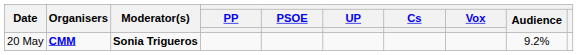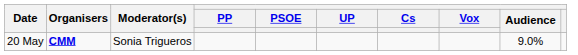 <table class="wikitable" style="text-align:center;">
 <tr>
 <th rowspan="3">Date</th>
 <th rowspan="3">Organisers</th>
 <th rowspan="3">Moderator(s)</th>
 <th colspan="8">  </th>
 </tr>
 <tr>
 <th scope="col" style="width:5em;"><a href='#'>PP</a></th>
 <th scope="col" style="width:5em;"><a href='#'>PSOE</a></th>
 <th scope="col" style="width:5em;"><a href='#'>UP</a></th>
 <th scope="col" style="width:5em;"><a href='#'>Cs</a></th>
 <th scope="col" style="width:5em;"><a href='#'>Vox</a></th>
 <th rowspan="2" scope="col" style="width:5em;">Audience</th>
 <th rowspan="2"></th>
 </tr>
 <tr>
 <th style="color:inherit;background:"></th>
 <th style="color:inherit;background:"></th>
 <th style="color:inherit;background:"></th>
 <th style="color:inherit;background:"></th>
 <th style="color:inherit;background:"></th>
 </tr>
 <tr>
 <td style="white-space:nowrap; text-align:left;">20 May</td>
 <td style="white-space:nowrap; text-align:left;"><strong><a href='#'>CMM</a></strong></td>
-<td style="white-space:nowrap; text-align:left;"><strong>Sonia Trigueros</strong></td>
+<td style="white-space:nowrap; text-align:left;">Sonia Trigueros</td>
 <td></td>
 <td></td>
 <td></td>
 <td></td>
 <td></td>
-<td>9.2%<br></td>
+<td>9.0%<br></td>
 <td><br></td>
 </tr>
 </table>
